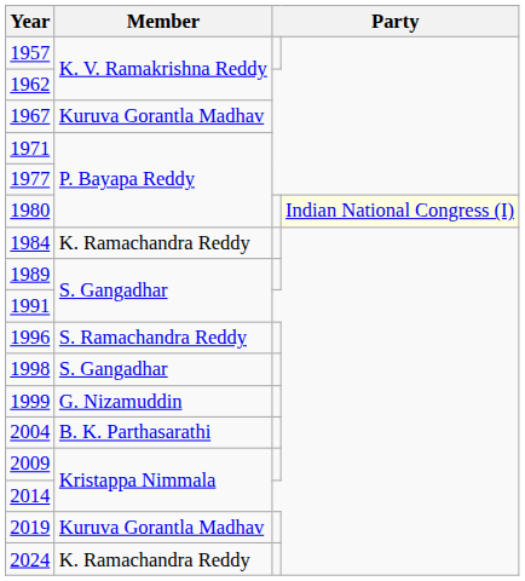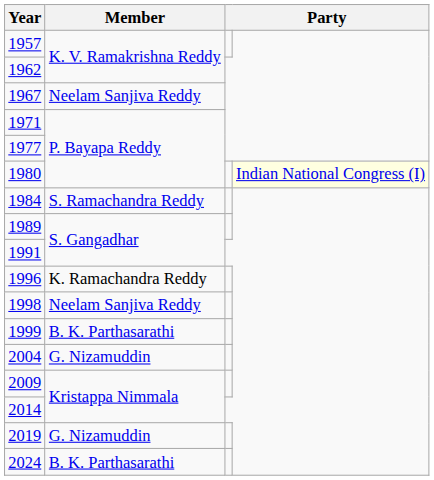 <table class="wikitable sortable">
 <tr>
 <th>Year</th>
 <th>Member</th>
 <th colspan="2">Party</th>
 </tr>
 <tr>
 <td><a href='#'>1957</a></td>
 <td rowspan="2"><a href='#'>K. V. Ramakrishna Reddy</a></td>
 <td></td>
 </tr>
 <tr>
 <td><a href='#'>1962</a></td>
 </tr>
 <tr>
 <td><a href='#'>1967</a></td>
-<td><a href='#'>Kuruva Gorantla Madhav</a></td>
+<td><a href='#'>Neelam Sanjiva Reddy</a></td>
 </tr>
 <tr>
 <td><a href='#'>1971</a></td>
 <td rowspan="3"><a href='#'>P. Bayapa Reddy</a></td>
 </tr>
 <tr>
 <td><a href='#'>1977</a></td>
 </tr>
 <tr>
 <td><a href='#'>1980</a></td>
 <td style="background-color: "></td>
 <td style="background: lightyellow;"><a href='#'>Indian National Congress (I)</a></td>
 </tr>
 <tr>
 <td><a href='#'>1984</a></td>
-<td>K. Ramachandra Reddy</td>
+<td><a href='#'>S. Ramachandra Reddy</a></td>
 <td></td>
 </tr>
 <tr>
 <td><a href='#'>1989</a></td>
 <td rowspan="2"><a href='#'>S. Gangadhar</a></td>
 <td></td>
 </tr>
 <tr>
 <td><a href='#'>1991</a></td>
 </tr>
 <tr>
 <td><a href='#'>1996</a></td>
-<td><a href='#'>S. Ramachandra Reddy</a></td>
+<td>K. Ramachandra Reddy</td>
 <td></td>
 </tr>
 <tr>
 <td><a href='#'>1998</a></td>
-<td><a href='#'>S. Gangadhar</a></td>
+<td><a href='#'>Neelam Sanjiva Reddy</a></td>
 <td></td>
 </tr>
 <tr>
 <td><a href='#'>1999</a></td>
-<td><a href='#'>G. Nizamuddin</a></td>
+<td><a href='#'>B. K. Parthasarathi</a></td>
 <td></td>
 </tr>
 <tr>
 <td><a href='#'>2004</a></td>
-<td><a href='#'>B. K. Parthasarathi</a></td>
+<td><a href='#'>G. Nizamuddin</a></td>
 <td></td>
 </tr>
 <tr>
 <td><a href='#'>2009</a></td>
 <td rowspan="2"><a href='#'>Kristappa Nimmala</a></td>
 <td></td>
 </tr>
 <tr>
 <td><a href='#'>2014</a></td>
 </tr>
 <tr>
 <td><a href='#'>2019</a></td>
-<td><a href='#'>Kuruva Gorantla Madhav</a></td>
+<td><a href='#'>G. Nizamuddin</a></td>
 <td></td>
 </tr>
 <tr>
 <td><a href='#'>2024</a></td>
-<td>K. Ramachandra Reddy</td>
+<td><a href='#'>B. K. Parthasarathi</a></td>
 <td></td>
 </tr>
 </table>
